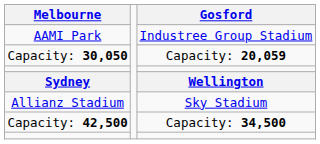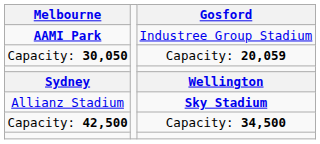 <table class="wikitable" style="text-align:center">
 <tr>
 <th><a href='#'>Melbourne</a></th>
 <td rowspan="10"><br></td>
 <th><a href='#'>Gosford</a></th>
 </tr>
 <tr>
-<td><a href='#'>AAMI Park</a></td>
+<td><strong><a href='#'>AAMI Park</a></strong></td>
 <td><a href='#'>Industree Group Stadium</a></td>
 </tr>
 <tr>
 <td>Capacity: <strong>30,050</strong></td>
 <td>Capacity: <strong>20,059</strong></td>
 </tr>
 <tr>
 <td></td>
 <td></td>
 </tr>
 <tr>
 <th><a href='#'>Sydney</a></th>
 <th><a href='#'>Wellington</a></th>
 </tr>
 <tr>
 <td><a href='#'>Allianz Stadium</a></td>
-<td><a href='#'>Sky Stadium</a></td>
+<td><strong><a href='#'>Sky Stadium</a></strong></td>
 </tr>
 <tr>
 <td>Capacity: <strong>42,500</strong></td>
 <td>Capacity: <strong>34,500</strong></td>
 </tr>
 <tr>
 <td></td>
 <td></td>
 </tr>
 </table>
